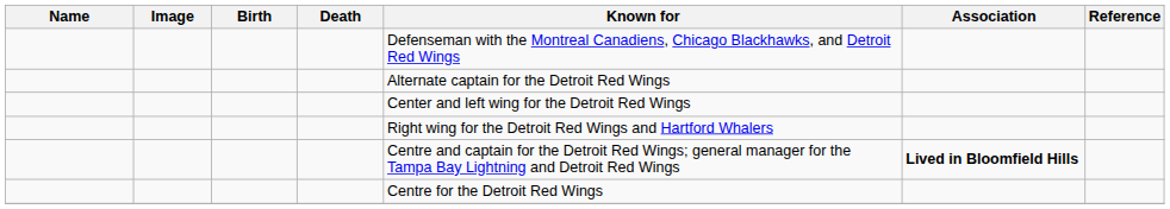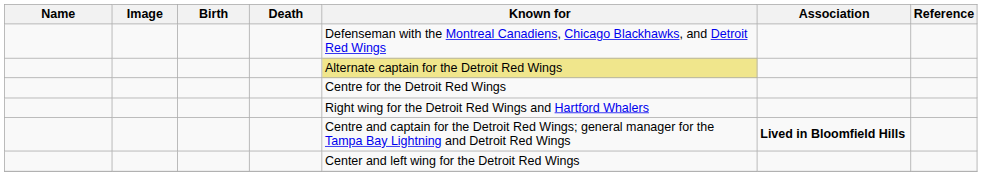 <table class="wikitable sortable">
 <tr>
 <th scope="col" width="140">Name</th>
 <th scope="col" width="80" class="unsortable">Image</th>
 <th scope="col" width="90">Birth</th>
 <th scope="col" width="90">Death</th>
 <th scope="col" width="600" class="unsortable">Known for</th>
 <th scope="col" width="200" class="unsortable">Association</th>
 <th scope="col" width="30" class="unsortable">Reference</th>
 </tr>
 <tr>
 <td></td>
 <td></td>
 <td align=right></td>
 <td align=right></td>
 <td>Defenseman with the <a href='#'>Montreal Canadiens</a>, <a href='#'>Chicago Blackhawks</a>, and <a href='#'>Detroit Red Wings</a></td>
 <td></td>
 <td align="center"></td>
 </tr>
 <tr>
 <td></td>
 <td></td>
 <td align=right></td>
 <td align=right></td>
-<td>Alternate captain for the Detroit Red Wings</td>
+<td style="background: khaki;">Alternate captain for the Detroit Red Wings</td>
 <td></td>
 <td align="center"></td>
 </tr>
 <tr>
 <td></td>
 <td></td>
 <td align=right></td>
 <td align=right></td>
-<td>Center and left wing for the Detroit Red Wings</td>
+<td>Centre for the Detroit Red Wings</td>
 <td></td>
 <td align="center"></td>
 </tr>
 <tr>
 <td></td>
 <td></td>
 <td align=right></td>
 <td align=right></td>
 <td>Right wing for the Detroit Red Wings and <a href='#'>Hartford Whalers</a></td>
 <td></td>
 <td align="center"></td>
 </tr>
 <tr>
 <td></td>
 <td></td>
 <td align=right></td>
 <td align=right></td>
 <td>Centre and captain for the Detroit Red Wings; general manager for the <a href='#'>Tampa Bay Lightning</a> and Detroit Red Wings</td>
 <td><strong>Lived in Bloomfield Hills</strong></td>
 <td align="center"></td>
 </tr>
 <tr>
 <td></td>
 <td></td>
 <td align=right></td>
 <td align=right></td>
-<td>Centre for the Detroit Red Wings</td>
+<td>Center and left wing for the Detroit Red Wings</td>
 <td></td>
 <td align="center"></td>
 </tr>
 <tr>
 </tr>
 </table>
